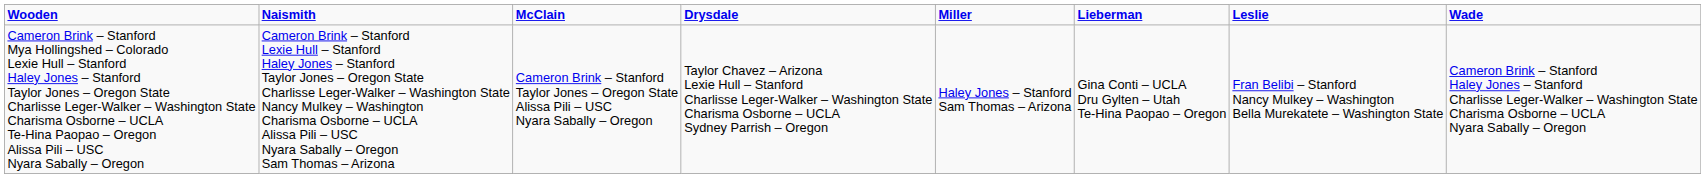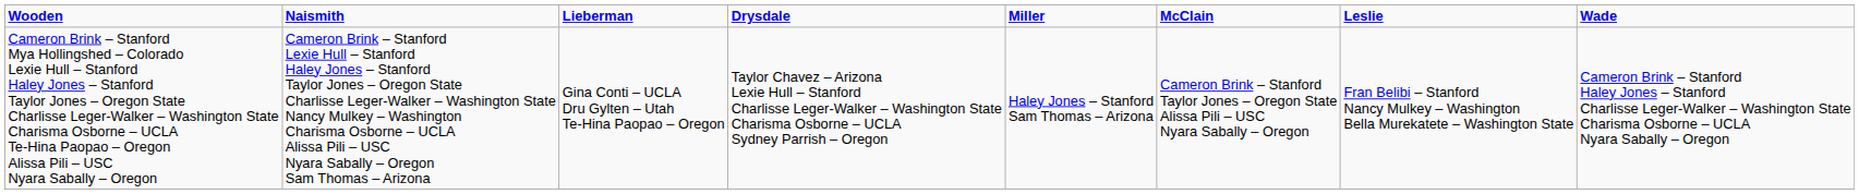 <table class="wikitable" style="white-space:nowrap; font-size:90%;">
 <tr>
 <td><strong><a href='#'>Wooden</a></strong></td>
 <td><strong><a href='#'>Naismith</a></strong></td>
-<td><strong><a href='#'>McClain</a></strong></td>
+<td><strong><a href='#'>Lieberman</a></strong></td>
 <td><strong><a href='#'>Drysdale</a></strong></td>
 <td><strong><a href='#'>Miller</a></strong></td>
-<td><strong><a href='#'>Lieberman</a></strong></td>
+<td><strong><a href='#'>McClain</a></strong></td>
 <td><strong><a href='#'>Leslie</a></strong></td>
 <td><strong><a href='#'>Wade</a></strong></td>
 </tr>
 <tr>
 <td><a href='#'>Cameron Brink</a> – Stanford<br>Mya Hollingshed – Colorado<br>Lexie Hull – Stanford<br><a href='#'>Haley Jones</a> – Stanford<br>Taylor Jones – Oregon State<br>Charlisse Leger-Walker – Washington State<br>Charisma Osborne – UCLA<br>Te-Hina Paopao – Oregon<br>Alissa Pili – USC<br>Nyara Sabally – Oregon</td>
 <td><a href='#'>Cameron Brink</a> – Stanford<br><a href='#'>Lexie Hull</a> – Stanford<br><a href='#'>Haley Jones</a> – Stanford<br>Taylor Jones – Oregon State<br>Charlisse Leger-Walker – Washington State<br>Nancy Mulkey – Washington<br>Charisma Osborne – UCLA<br>Alissa Pili – USC<br>Nyara Sabally – Oregon<br>Sam Thomas – Arizona</td>
-<td><a href='#'>Cameron Brink</a> – Stanford<br>Taylor Jones – Oregon State<br>Alissa Pili – USC<br>Nyara Sabally – Oregon</td>
+<td>Gina Conti – UCLA<br>Dru Gylten – Utah<br>Te-Hina Paopao – Oregon</td>
 <td>Taylor Chavez – Arizona<br>Lexie Hull – Stanford<br>Charlisse Leger-Walker – Washington State<br>Charisma Osborne – UCLA<br>Sydney Parrish – Oregon</td>
 <td><a href='#'>Haley Jones</a> – Stanford<br>Sam Thomas – Arizona</td>
-<td>Gina Conti – UCLA<br>Dru Gylten – Utah<br>Te-Hina Paopao – Oregon</td>
+<td><a href='#'>Cameron Brink</a> – Stanford<br>Taylor Jones – Oregon State<br>Alissa Pili – USC<br>Nyara Sabally – Oregon</td>
 <td><a href='#'>Fran Belibi</a> – Stanford<br>Nancy Mulkey – Washington<br>Bella Murekatete – Washington State</td>
 <td><a href='#'>Cameron Brink</a> – Stanford<br><a href='#'>Haley Jones</a> – Stanford<br>Charlisse Leger-Walker – Washington State<br>Charisma Osborne – UCLA<br>Nyara Sabally – Oregon</td>
 </tr>
 </table>
